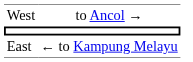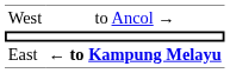 <table cellspacing="0" cellpadding="3">
 <tr>
 <td style="border-top:solid 1px gray">West</td>
 <td style="text-align:center;border-top:solid 1px gray"> to <a href='#'>Ancol</a>  →</td>
 </tr>
 <tr>
 <td colspan="2" style="text-align:center; border:solid 2px black; "></td>
 </tr>
 <tr>
 <td style="border-bottom:solid 1px gray">East</td>
-<td style="text-align:center ; border-bottom:solid 1px gray">←   to <a href='#'>Kampung Melayu</a></td>
+<td style="text-align:center ; border-bottom:solid 1px gray"><strong>←   to <a href='#'>Kampung Melayu</a></strong></td>
 </tr>
 </table>
